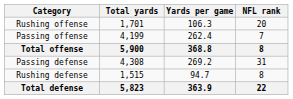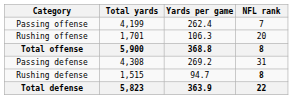 <table class="wikitable" style="text-align:center">
 <tr>
 <th column width=150px>Category</th>
 <th column width=100px>Total yards</th>
 <th column width=110px>Yards per game</th>
 <th column width=80px>NFL rank<br></th>
 </tr>
 <tr>
+<td>Passing offense</td>
+<td>4,199</td>
+<td>262.4</td>
+<td>7</td>
+</tr>
+<tr>
 <td>Rushing offense</td>
 <td>1,701</td>
 <td>106.3</td>
 <td>20</td>
-</tr>
-<tr>
-<td>Passing offense</td>
-<td>4,199</td>
-<td>262.4</td>
-<td>7</td>
 </tr>
 <tr>
 <th>Total offense</th>
 <th>5,900</th>
 <th>368.8</th>
 <th>8</th>
 </tr>
 <tr>
 <td>Passing defense</td>
 <td>4,308</td>
 <td>269.2</td>
 <td>31</td>
 </tr>
 <tr>
 <td>Rushing defense</td>
 <td>1,515</td>
 <td>94.7</td>
-<td>8</td>
+<td><strong>8</strong></td>
 </tr>
 <tr>
 <th>Total defense</th>
 <th>5,823</th>
 <th>363.9</th>
 <th>22</th>
 </tr>
 </table>
